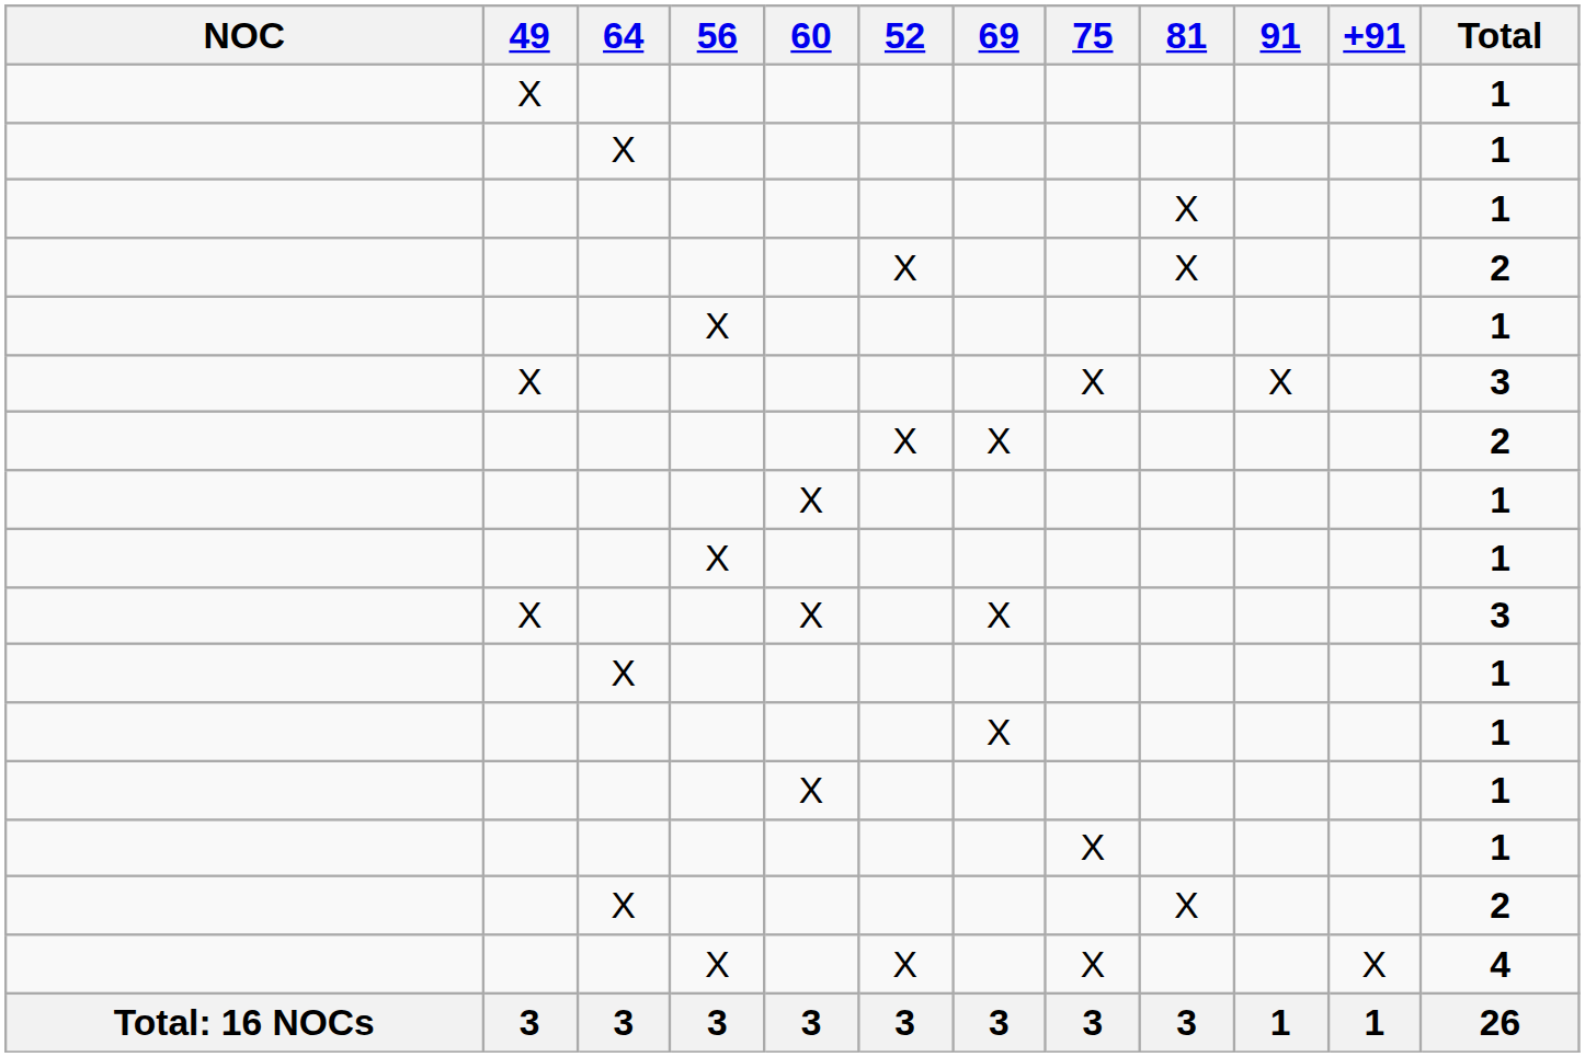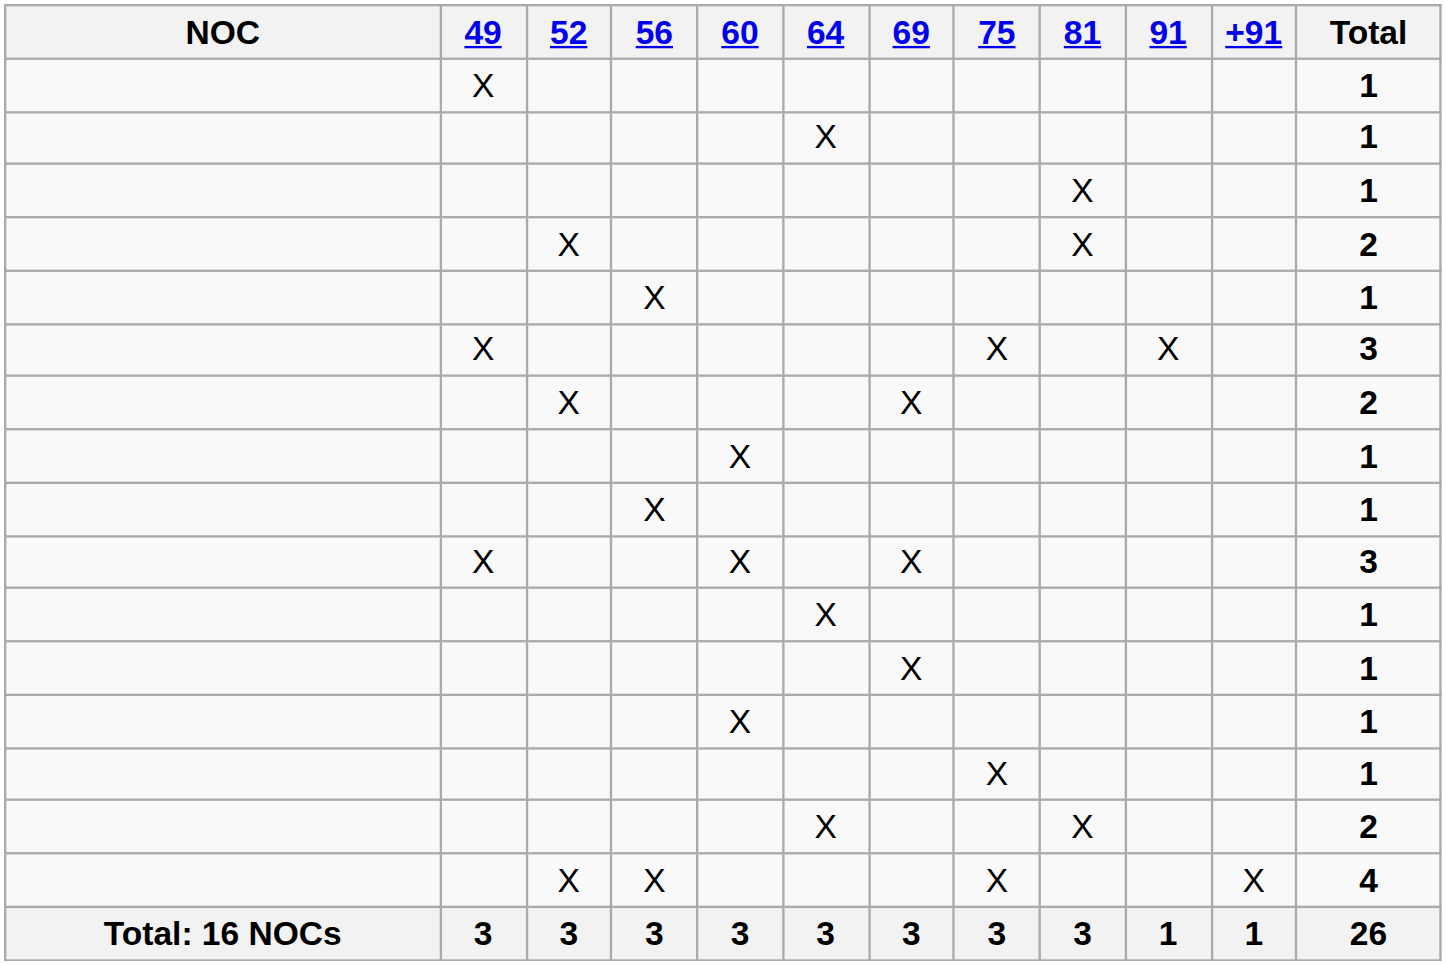 <table class="wikitable" style="text-align:center; font-size:90%">
 <tr>
 <th width=180 style="text-align:center;">NOC</th>
 <th width=30><a href='#'>49</a></th>
-<th width=30><a href='#'>64</a></th>
+<th width=30><a href='#'>52</a></th>
 <th width=30><a href='#'>56</a></th>
 <th width=30><a href='#'>60</a></th>
-<th width=30><a href='#'>52</a></th>
+<th width=30><a href='#'>64</a></th>
 <th width=30><a href='#'>69</a></th>
 <th width=30><a href='#'>75</a></th>
 <th width=30><a href='#'>81</a></th>
 <th width=30><a href='#'>91</a></th>
 <th width=30><a href='#'>+91</a></th>
 <th width=55>Total</th>
 </tr>
 <tr>
 <td style="text-align:left;"></td>
 <td>X</td>
 <td></td>
 <td></td>
 <td></td>
 <td></td>
 <td></td>
 <td></td>
 <td></td>
 <td></td>
 <td></td>
 <td><strong>1</strong></td>
 </tr>
 <tr>
 <td style="text-align:left;"></td>
 <td></td>
-<td>X</td>
 <td></td>
 <td></td>
 <td></td>
+<td>X</td>
 <td></td>
 <td></td>
 <td></td>
 <td></td>
 <td></td>
 <td><strong>1</strong></td>
 </tr>
 <tr>
 <td style="text-align:left;"></td>
 <td></td>
 <td></td>
 <td></td>
 <td></td>
 <td></td>
 <td></td>
 <td></td>
 <td>X</td>
 <td></td>
 <td></td>
 <td><strong>1</strong></td>
 </tr>
 <tr>
 <td style="text-align:left;"></td>
 <td></td>
+<td>X</td>
 <td></td>
 <td></td>
 <td></td>
-<td>X</td>
 <td></td>
 <td></td>
 <td>X</td>
 <td></td>
 <td></td>
 <td><strong>2</strong></td>
 </tr>
 <tr>
 <td style="text-align:left;"></td>
 <td></td>
 <td></td>
 <td>X</td>
 <td></td>
 <td></td>
 <td></td>
 <td></td>
 <td></td>
 <td></td>
 <td></td>
 <td><strong>1</strong></td>
 </tr>
 <tr>
 <td style="text-align:left;"></td>
 <td>X</td>
 <td></td>
 <td></td>
 <td></td>
 <td></td>
 <td></td>
 <td>X</td>
 <td></td>
 <td>X</td>
 <td></td>
 <td><strong>3</strong></td>
 </tr>
 <tr>
 <td style="text-align:left;"></td>
 <td></td>
+<td>X</td>
 <td></td>
 <td></td>
 <td></td>
-<td>X</td>
 <td>X</td>
 <td></td>
 <td></td>
 <td></td>
 <td></td>
 <td><strong>2</strong></td>
 </tr>
 <tr>
 <td style="text-align:left;"></td>
 <td></td>
 <td></td>
 <td></td>
 <td>X</td>
 <td></td>
 <td></td>
 <td></td>
 <td></td>
 <td></td>
 <td></td>
 <td><strong>1</strong></td>
 </tr>
 <tr>
 <td style="text-align:left;"></td>
 <td></td>
 <td></td>
 <td>X</td>
 <td></td>
 <td></td>
 <td></td>
 <td></td>
 <td></td>
 <td></td>
 <td></td>
 <td><strong>1</strong></td>
 </tr>
 <tr>
 <td style="text-align:left;"></td>
 <td>X</td>
 <td></td>
 <td></td>
 <td>X</td>
 <td></td>
 <td>X</td>
 <td></td>
 <td></td>
 <td></td>
 <td></td>
 <td><strong>3</strong></td>
 </tr>
 <tr>
 <td style="text-align:left;"></td>
 <td></td>
-<td>X</td>
 <td></td>
 <td></td>
 <td></td>
+<td>X</td>
 <td></td>
 <td></td>
 <td></td>
 <td></td>
 <td></td>
 <td><strong>1</strong></td>
 </tr>
 <tr>
 <td style="text-align:left;"></td>
 <td></td>
 <td></td>
 <td></td>
 <td></td>
 <td></td>
 <td>X</td>
 <td></td>
 <td></td>
 <td></td>
 <td></td>
 <td><strong>1</strong></td>
 </tr>
 <tr>
 <td style="text-align:left;"></td>
 <td></td>
 <td></td>
 <td></td>
 <td>X</td>
 <td></td>
 <td></td>
 <td></td>
 <td></td>
 <td></td>
 <td></td>
 <td><strong>1</strong></td>
 </tr>
 <tr>
 <td style="text-align:left;"></td>
 <td></td>
 <td></td>
 <td></td>
 <td></td>
 <td></td>
 <td></td>
 <td>X</td>
 <td></td>
 <td></td>
 <td></td>
 <td><strong>1</strong></td>
 </tr>
 <tr>
 <td style="text-align:left;"></td>
 <td></td>
-<td>X</td>
 <td></td>
 <td></td>
 <td></td>
+<td>X</td>
 <td></td>
 <td></td>
 <td>X</td>
 <td></td>
 <td></td>
 <td><strong>2</strong></td>
 </tr>
 <tr>
 <td style="text-align:left;"></td>
 <td></td>
-<td></td>
+<td>X</td>
 <td>X</td>
 <td></td>
-<td>X</td>
+<td></td>
 <td></td>
 <td>X</td>
 <td></td>
 <td></td>
 <td>X</td>
 <td><strong>4</strong></td>
 </tr>
 <tr>
 <th>Total: 16 NOCs</th>
 <th>3</th>
 <th>3</th>
 <th>3</th>
 <th>3</th>
 <th>3</th>
 <th>3</th>
 <th>3</th>
 <th>3</th>
 <th>1</th>
 <th>1</th>
 <th>26</th>
 </tr>
 </table>
